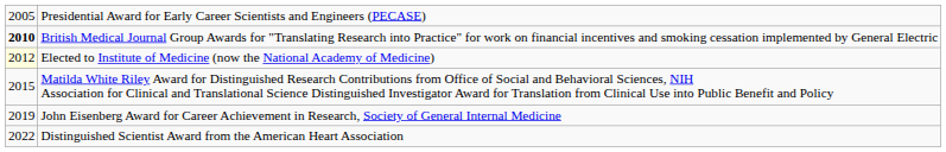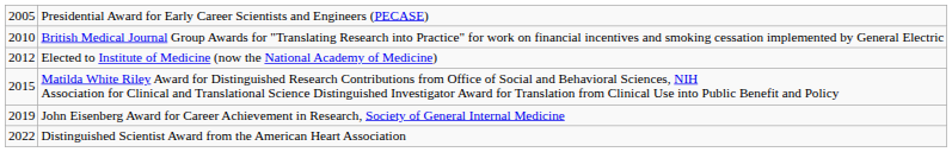 <table class="wikitable">
 <tr>
 <td>2005</td>
 <td>Presidential Award for Early Career Scientists and Engineers (<a href='#'>PECASE</a>)</td>
 </tr>
 <tr>
-<td><strong>2010</strong></td>
+<td>2010</td>
 <td><a href='#'>British Medical Journal</a> Group Awards for "Translating Research into Practice" for work on financial incentives and smoking cessation implemented by General Electric</td>
 </tr>
 <tr>
-<td style="background: lightyellow;">2012</td>
+<td>2012</td>
 <td>Elected to <a href='#'>Institute of Medicine</a> (now the <a href='#'>National Academy of Medicine</a>)</td>
 </tr>
 <tr>
 <td>2015</td>
 <td><a href='#'>Matilda White Riley</a> Award for Distinguished Research Contributions from Office of Social and Behavioral Sciences, <a href='#'>NIH</a><br>Association for Clinical and Translational Science Distinguished Investigator Award for Translation from Clinical Use into Public Benefit and Policy</td>
 </tr>
 <tr>
 <td>2019</td>
 <td>John Eisenberg Award for Career Achievement in Research, <a href='#'>Society of General Internal Medicine</a></td>
 </tr>
 <tr>
 <td>2022</td>
 <td>Distinguished Scientist Award from the American Heart Association</td>
 </tr>
 </table>
